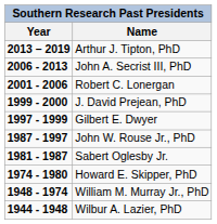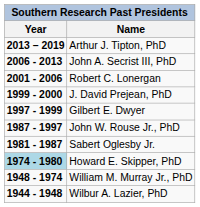 <table class="wikitable">
 <tr style="background:#ccc; text-align:center;">
 <th colspan="4" style="background: LightSteelBlue;">Southern Research Past Presidents</th>
 </tr>
 <tr style="background:#ccc; text-align:center;">
 <th>Year</th>
 <th>Name</th>
 </tr>
 <tr>
 <td><strong>2013 – 2019</strong></td>
 <td>Arthur J. Tipton, PhD</td>
 </tr>
 <tr>
 <td><strong>2006 - 2013</strong></td>
 <td>John A. Secrist III, PhD</td>
 </tr>
 <tr>
 <td><strong>2001 - 2006</strong></td>
 <td>Robert C. Lonergan</td>
 </tr>
 <tr>
 <td><strong>1999 - 2000</strong></td>
 <td>J. David Prejean, PhD</td>
 </tr>
 <tr>
 <td><strong>1997 - 1999</strong></td>
 <td>Gilbert E. Dwyer</td>
 </tr>
 <tr>
 <td><strong>1987 - 1997</strong></td>
 <td>John W. Rouse Jr., PhD</td>
 </tr>
 <tr>
 <td><strong>1981 - 1987</strong></td>
 <td>Sabert Oglesby Jr.</td>
 </tr>
 <tr>
-<td><strong>1974 - 1980</strong></td>
+<td style="background: lightblue;"><strong>1974 - 1980</strong></td>
 <td>Howard E. Skipper, PhD</td>
 </tr>
 <tr>
 <td><strong>1948 - 1974</strong></td>
 <td>William M. Murray Jr., PhD</td>
 </tr>
 <tr>
 <td><strong>1944 - 1948</strong></td>
 <td>Wilbur A. Lazier, PhD</td>
 </tr>
 </table>
